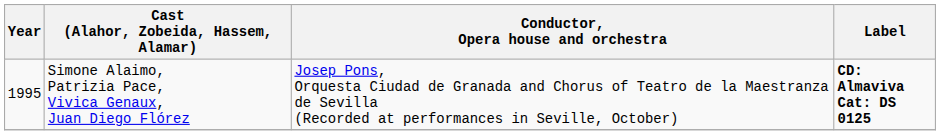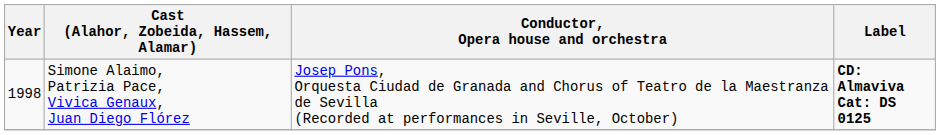 <table class="wikitable">
 <tr>
 <th>Year</th>
 <th>Cast <br>(Alahor, Zobeida, Hassem, Alamar)</th>
 <th>Conductor,<br>Opera house and orchestra</th>
 <th>Label</th>
 </tr>
 <tr>
-<td>1995</td>
+<td>1998</td>
 <td>Simone Alaimo,<br>Patrizia Pace,<br><a href='#'>Vivica Genaux</a>,<br><a href='#'>Juan Diego Flórez</a></td>
 <td><a href='#'>Josep Pons</a>,<br>Orquesta Ciudad de Granada and Chorus of Teatro de la Maestranza de Sevilla<br>(Recorded at performances in Seville, October)</td>
 <td><strong>CD: Almaviva<br>Cat: DS 0125</strong></td>
 </tr>
 <tr>
 </tr>
 </table>
